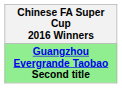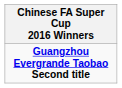 <table class="wikitable" style="text-align: center; margin: 0 auto; width: 20%">
 <tr>
 <th>Chinese FA Super Cup<br>2016 Winners</th>
 </tr>
 <tr>
-<td style="background: lightgreen;"><strong><a href='#'>Guangzhou Evergrande Taobao</a></strong><br><strong>Second title</strong></td>
+<td><strong><a href='#'>Guangzhou Evergrande Taobao</a></strong><br><strong>Second title</strong></td>
 </tr>
 </table>
